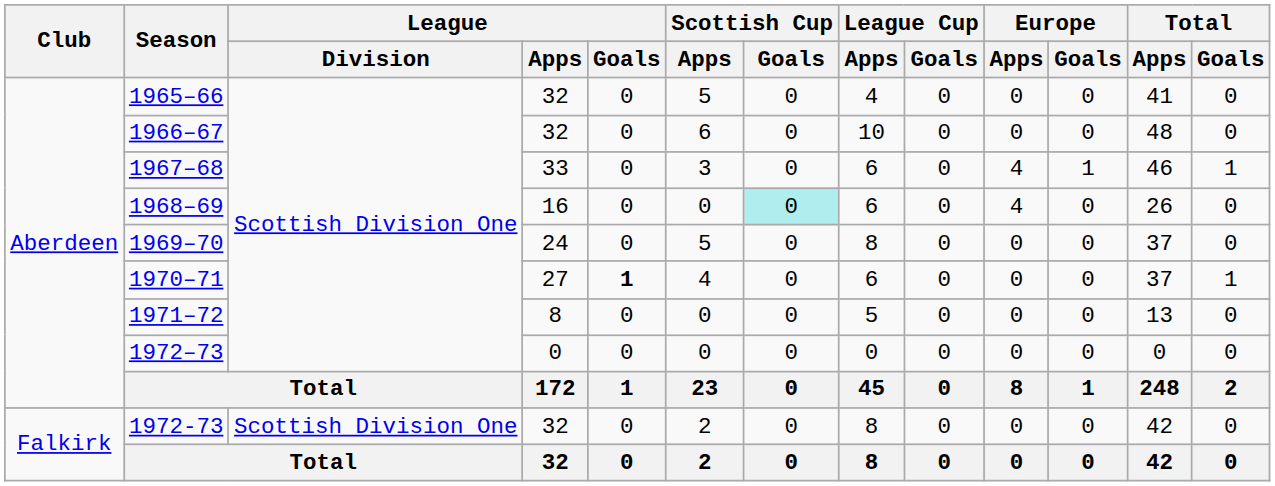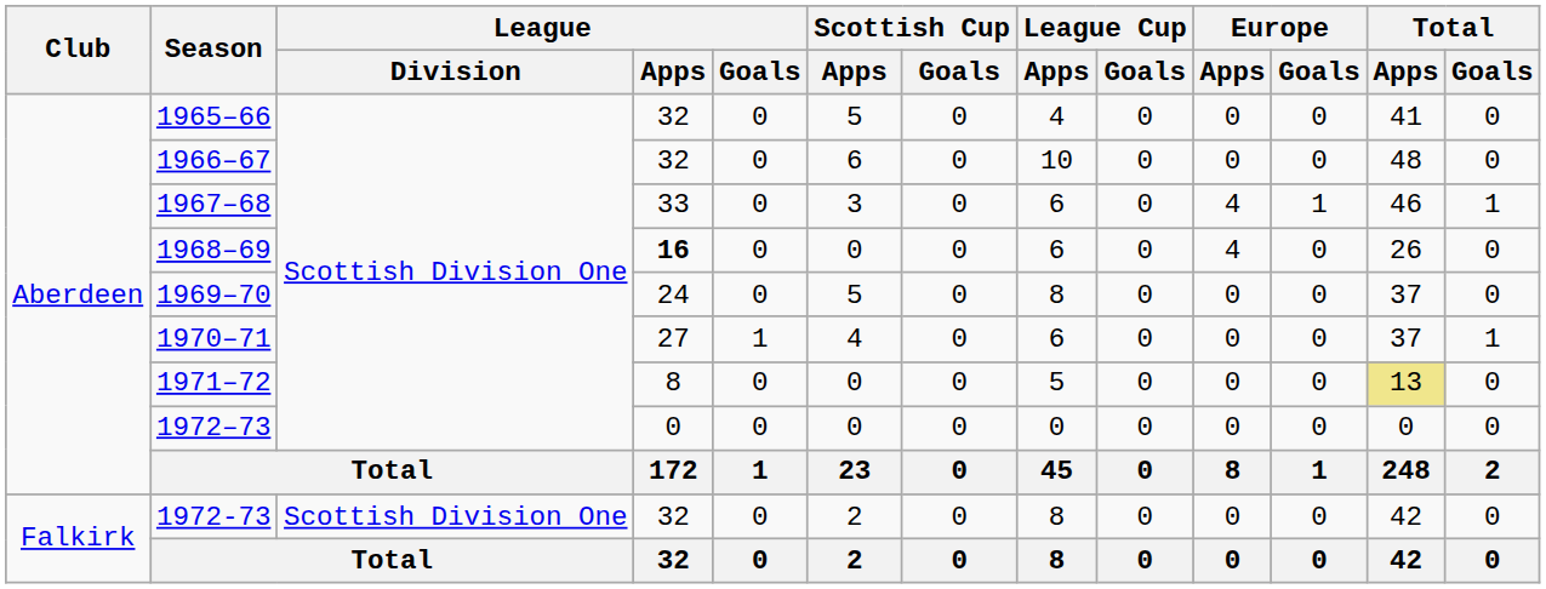 <table class="wikitable" style="text-align:center">
 <tr>
 <th rowspan="2">Club</th>
 <th rowspan="2">Season</th>
 <th colspan="3">League</th>
 <th colspan="2">Scottish Cup</th>
 <th colspan="2">League Cup</th>
 <th colspan="2">Europe</th>
 <th colspan="2">Total</th>
 </tr>
 <tr>
 <th>Division</th>
 <th>Apps</th>
 <th>Goals</th>
 <th>Apps</th>
 <th>Goals</th>
 <th>Apps</th>
 <th>Goals</th>
 <th>Apps</th>
 <th>Goals</th>
 <th>Apps</th>
 <th>Goals</th>
 </tr>
 <tr>
 <td rowspan="9"><a href='#'>Aberdeen</a></td>
 <td><a href='#'>1965–66</a></td>
 <td rowspan="8"><a href='#'>Scottish Division One</a></td>
 <td>32</td>
 <td>0</td>
 <td>5</td>
 <td>0</td>
 <td>4</td>
 <td>0</td>
 <td>0</td>
 <td>0</td>
 <td>41</td>
 <td>0</td>
 </tr>
 <tr>
 <td><a href='#'>1966–67</a></td>
 <td>32</td>
 <td>0</td>
 <td>6</td>
 <td>0</td>
 <td>10</td>
 <td>0</td>
 <td>0</td>
 <td>0</td>
 <td>48</td>
 <td>0</td>
 </tr>
 <tr>
 <td><a href='#'>1967–68</a></td>
 <td>33</td>
 <td>0</td>
 <td>3</td>
 <td>0</td>
 <td>6</td>
 <td>0</td>
 <td>4</td>
 <td>1</td>
 <td>46</td>
 <td>1</td>
 </tr>
 <tr>
 <td><a href='#'>1968–69</a></td>
-<td>16</td>
+<td><strong>16</strong></td>
 <td>0</td>
 <td>0</td>
-<td style="background: paleturquoise;">0</td>
+<td>0</td>
 <td>6</td>
 <td>0</td>
 <td>4</td>
 <td>0</td>
 <td>26</td>
 <td>0</td>
 </tr>
 <tr>
 <td><a href='#'>1969–70</a></td>
 <td>24</td>
 <td>0</td>
 <td>5</td>
 <td>0</td>
 <td>8</td>
 <td>0</td>
 <td>0</td>
 <td>0</td>
 <td>37</td>
 <td>0</td>
 </tr>
 <tr>
 <td><a href='#'>1970–71</a></td>
 <td>27</td>
-<td><strong>1</strong></td>
+<td>1</td>
 <td>4</td>
 <td>0</td>
 <td>6</td>
 <td>0</td>
 <td>0</td>
 <td>0</td>
 <td>37</td>
 <td>1</td>
 </tr>
 <tr>
 <td><a href='#'>1971–72</a></td>
 <td>8</td>
 <td>0</td>
 <td>0</td>
 <td>0</td>
 <td>5</td>
 <td>0</td>
 <td>0</td>
 <td>0</td>
-<td>13</td>
+<td style="background: khaki;">13</td>
 <td>0</td>
 </tr>
 <tr>
 <td><a href='#'>1972–73</a></td>
 <td>0</td>
 <td>0</td>
 <td>0</td>
 <td>0</td>
 <td>0</td>
 <td>0</td>
 <td>0</td>
 <td>0</td>
 <td>0</td>
 <td>0</td>
 </tr>
 <tr>
 <th colspan="2">Total</th>
 <th>172</th>
 <th>1</th>
 <th>23</th>
 <th>0</th>
 <th>45</th>
 <th>0</th>
 <th>8</th>
 <th>1</th>
 <th>248</th>
 <th>2</th>
 </tr>
 <tr>
 <td rowspan="2"><a href='#'>Falkirk</a></td>
 <td><a href='#'>1972-73</a></td>
 <td><a href='#'>Scottish Division One</a></td>
 <td>32</td>
 <td>0</td>
 <td>2</td>
 <td>0</td>
 <td>8</td>
 <td>0</td>
 <td>0</td>
 <td>0</td>
 <td>42</td>
 <td>0</td>
 </tr>
 <tr>
 <th colspan="2">Total</th>
 <th>32</th>
 <th>0</th>
 <th>2</th>
 <th>0</th>
 <th>8</th>
 <th>0</th>
 <th>0</th>
 <th>0</th>
 <th>42</th>
 <th>0</th>
 </tr>
 </table>
